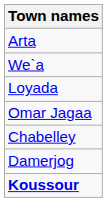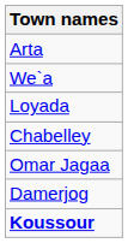 <table class="wikitable collapsible sortable" style="margin:lem; margin-top:0;">
 <tr>
 <th>Town names</th>
 </tr>
 <tr>
 <td><a href='#'>Arta</a></td>
 </tr>
 <tr>
 <td><a href='#'>We`a</a></td>
 </tr>
 <tr>
 <td><a href='#'>Loyada</a></td>
 </tr>
 <tr>
-<td><a href='#'>Omar Jagaa</a></td>
+<td><a href='#'>Chabelley</a></td>
 </tr>
 <tr>
-<td><a href='#'>Chabelley</a></td>
+<td><a href='#'>Omar Jagaa</a></td>
 </tr>
 <tr>
 <td><a href='#'>Damerjog</a></td>
 </tr>
 <tr>
 <td><strong><a href='#'>Koussour</a></strong></td>
 </tr>
 </table>
